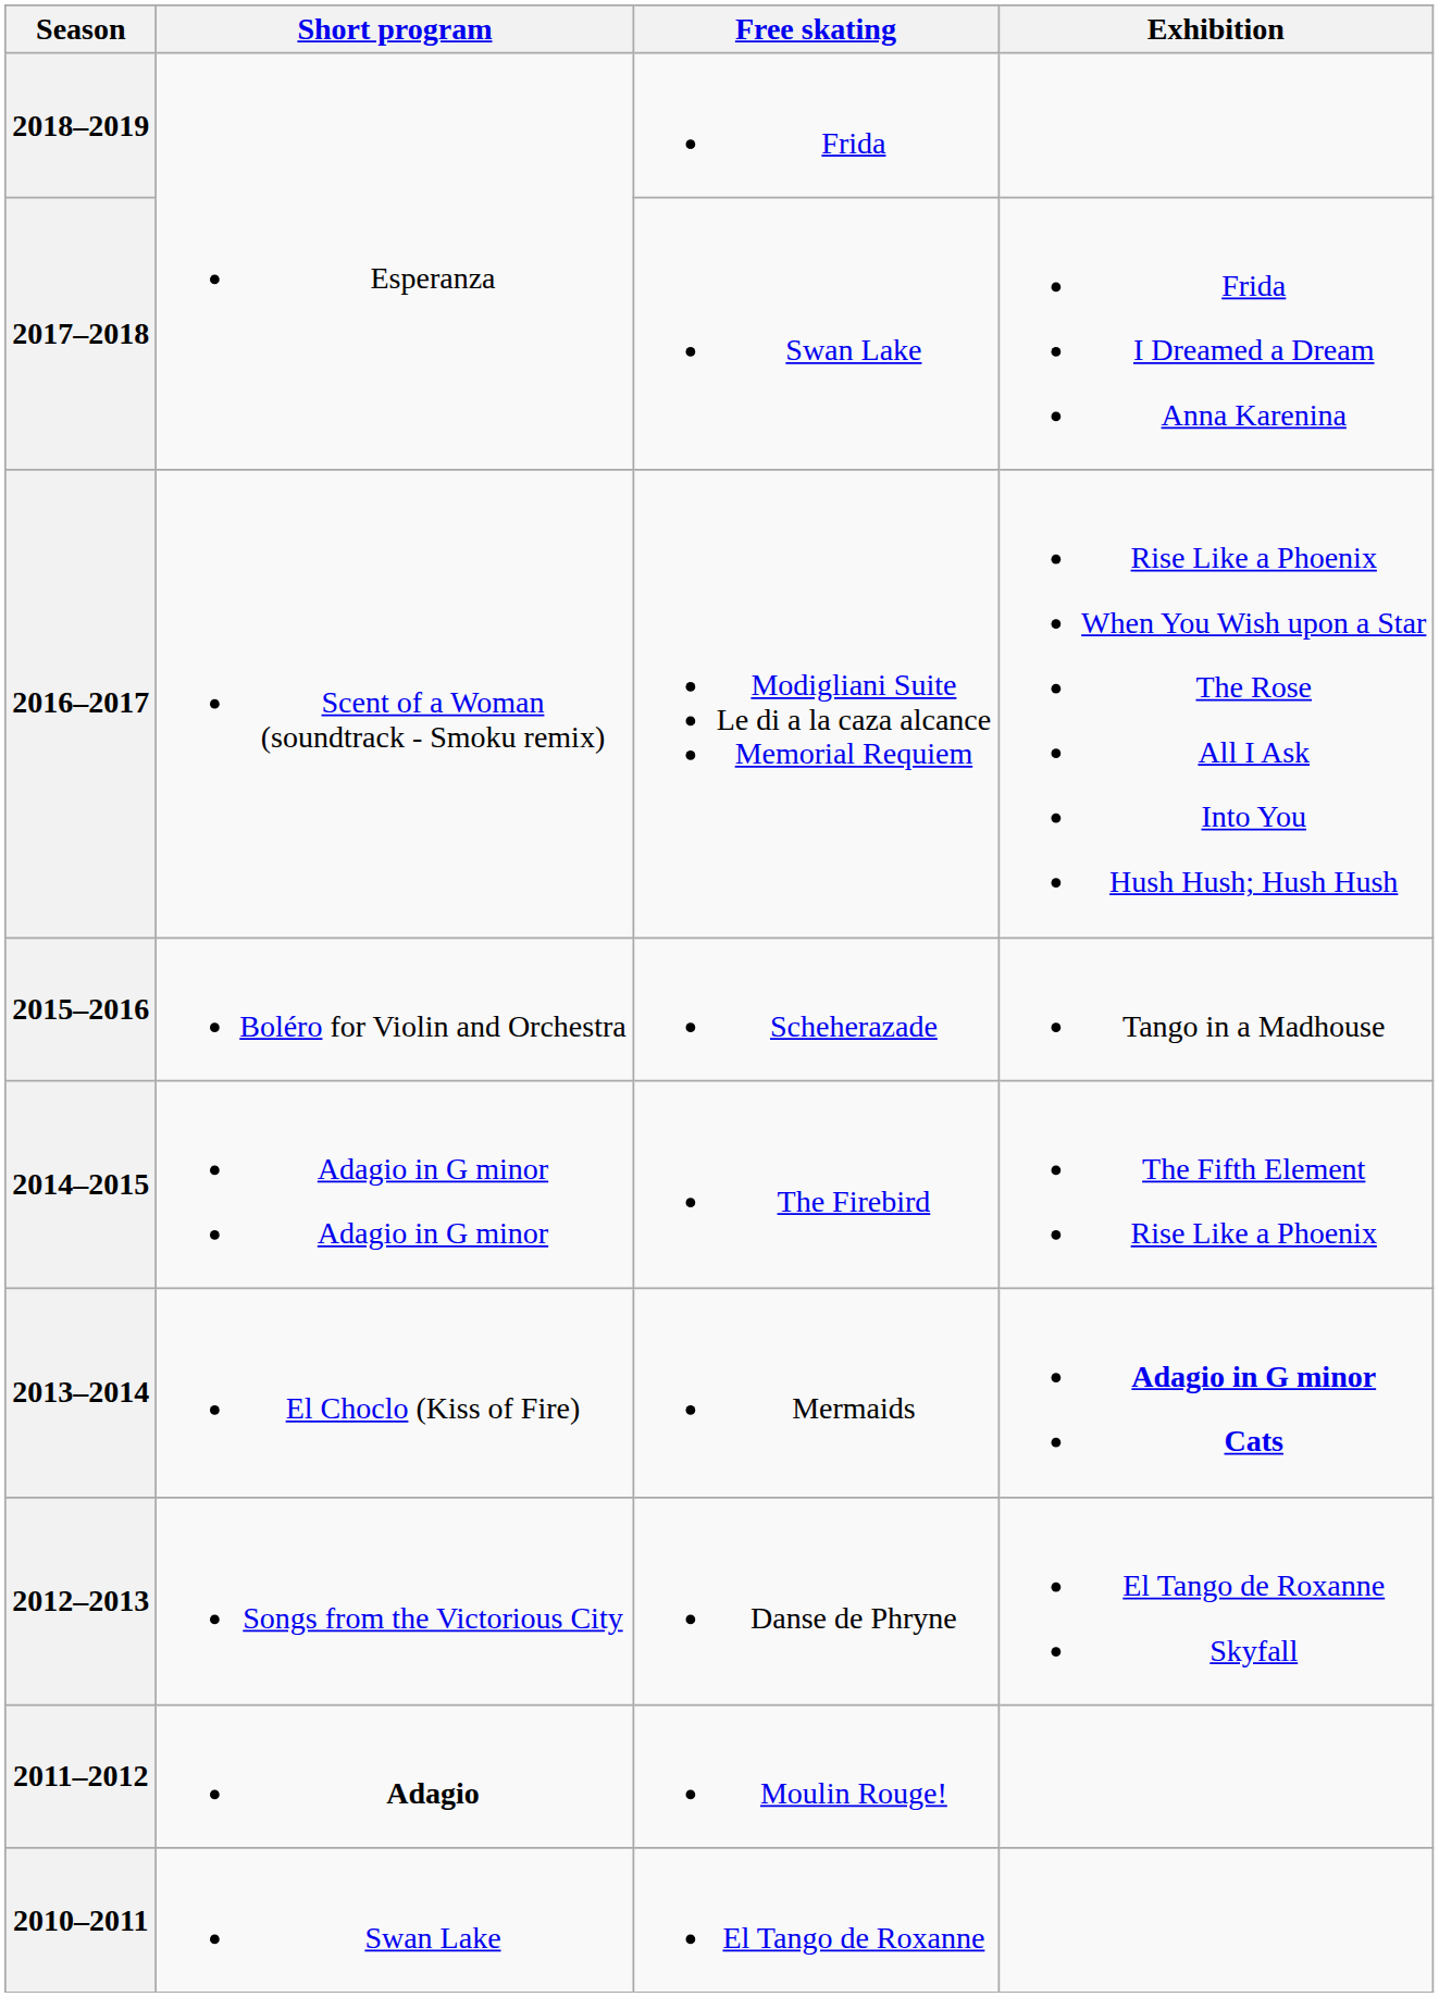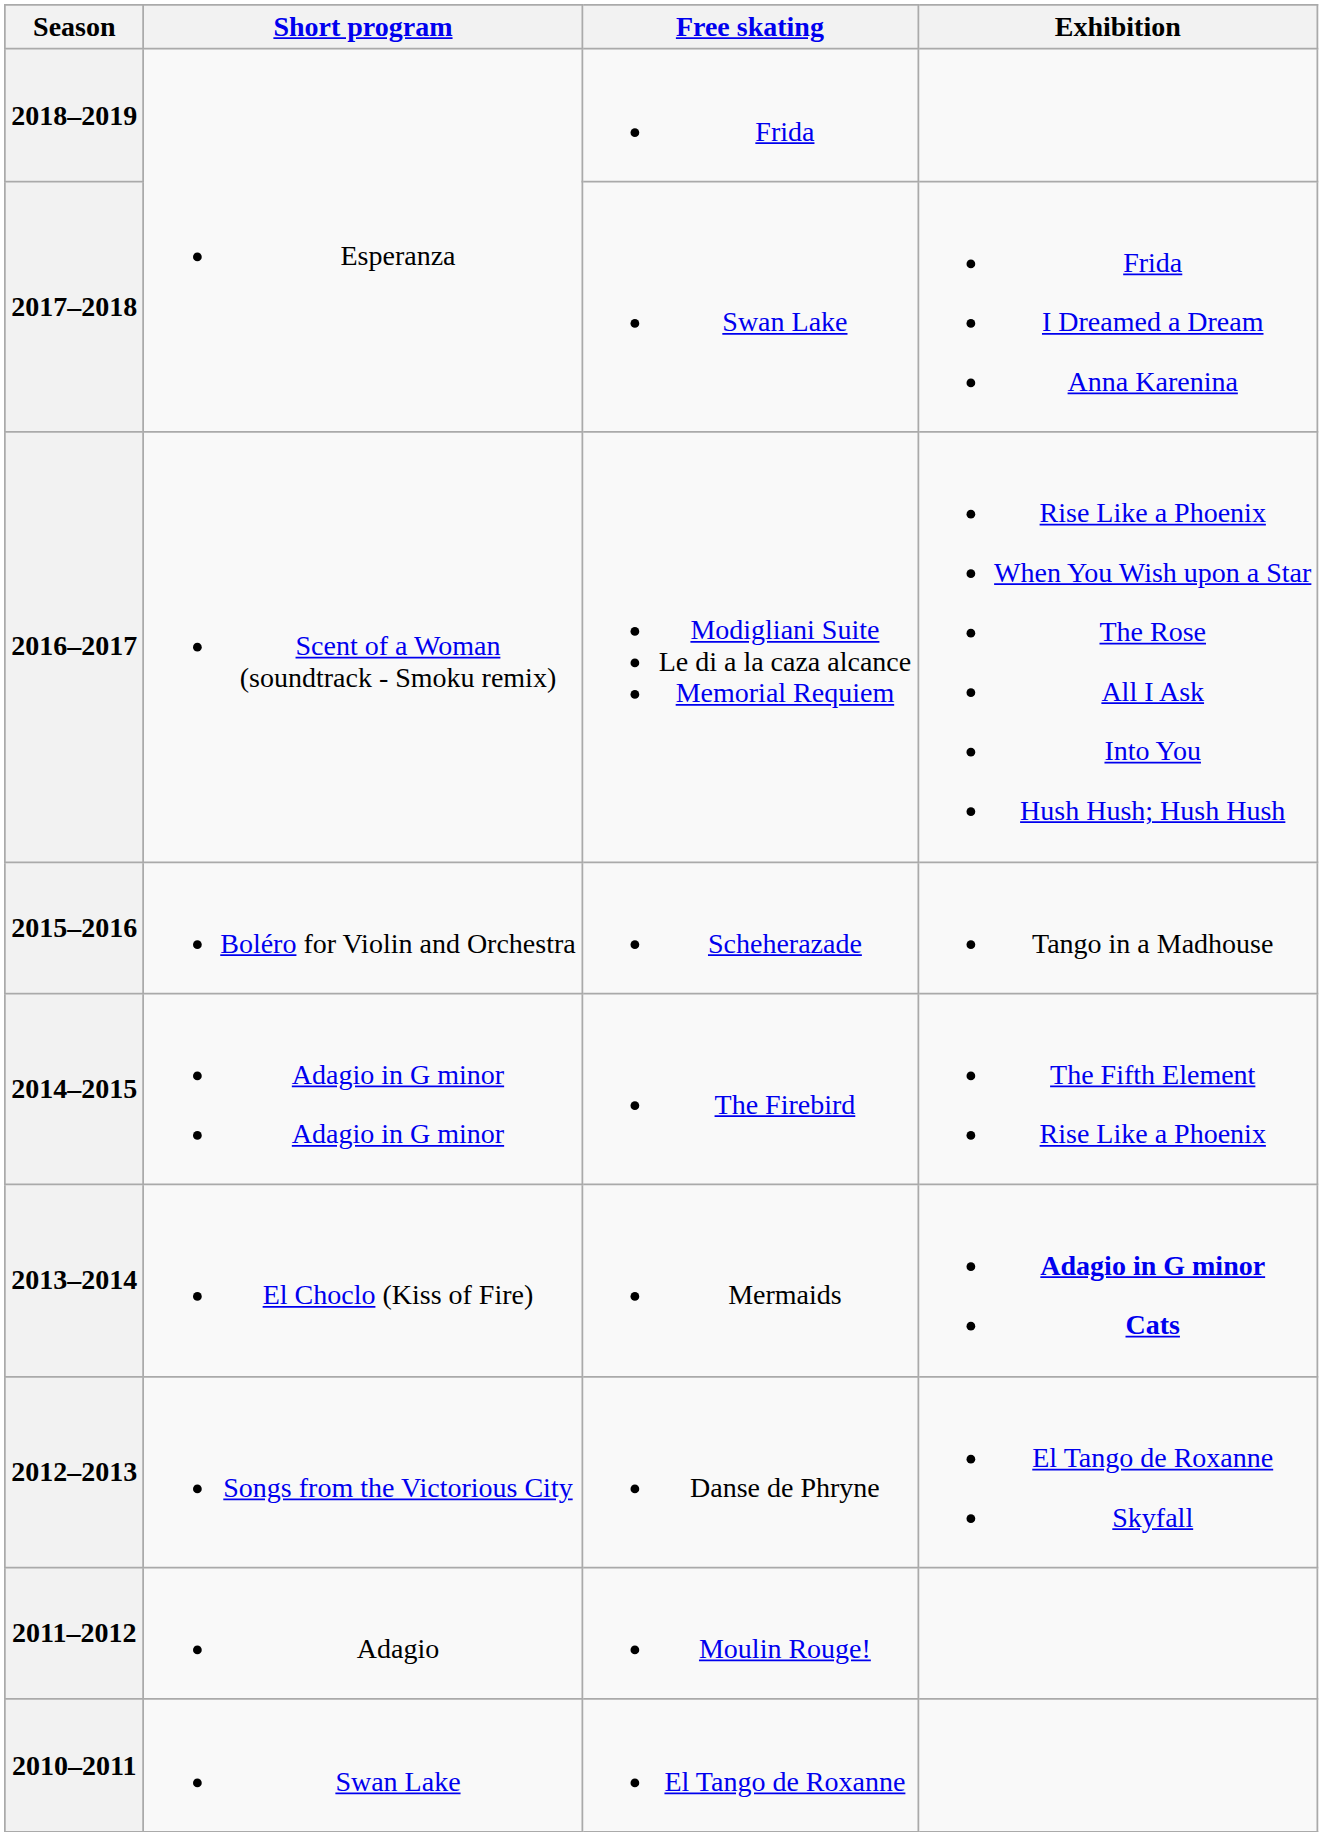 <table class=wikitable style=text-align:center>
 <tr>
 <th>Season</th>
 <th><a href='#'>Short program</a></th>
 <th><a href='#'>Free skating</a></th>
 <th>Exhibition</th>
 </tr>
 <tr>
 <th>2018–2019 <br></th>
 <td rowspan=2><br><ul><li>Esperanza <br></li></ul></td>
 <td><br><ul><li><a href='#'>Frida</a> <br></li></ul></td>
 <td></td>
 </tr>
 <tr>
 <th>2017–2018 <br></th>
 <td><br><ul><li><a href='#'>Swan Lake</a> <br></li></ul></td>
 <td><br><ul><li><a href='#'>Frida</a> <br></li></ul><ul><li><a href='#'>I Dreamed a Dream</a> <br></li></ul><ul><li><a href='#'>Anna Karenina</a> <br></li></ul></td>
 </tr>
 <tr>
 <th>2016–2017 <br> </th>
 <td><br><ul><li><a href='#'>Scent of a Woman</a> <br> (soundtrack - Smoku remix) <br></li></ul></td>
 <td><br><ul><li><a href='#'>Modigliani Suite</a> <br></li><li>Le di a la caza alcance <br></li><li><a href='#'>Memorial Requiem</a> <br></li></ul></td>
 <td><br><ul><li><a href='#'>Rise Like a Phoenix</a> <br></li></ul><ul><li><a href='#'>When You Wish upon a Star</a> <br></li></ul><ul><li><a href='#'>The Rose</a> <br></li></ul><ul><li><a href='#'>All I Ask</a> <br></li></ul><ul><li><a href='#'>Into You</a> <br></li></ul><ul><li><a href='#'>Hush Hush; Hush Hush</a> <br></li></ul></td>
 </tr>
 <tr>
 <th>2015–2016 <br> </th>
 <td><br><ul><li><a href='#'>Boléro</a> for Violin and Orchestra <br></li></ul></td>
 <td><br><ul><li><a href='#'>Scheherazade</a> <br></li></ul></td>
 <td><br><ul><li>Tango in a Madhouse <br></li></ul></td>
 </tr>
 <tr>
 <th>2014–2015 <br> </th>
 <td><br><ul><li><a href='#'>Adagio in G minor</a> <br></li></ul><ul><li><a href='#'>Adagio in G minor</a> <br></li></ul></td>
 <td><br><ul><li><a href='#'>The Firebird</a> <br></li></ul></td>
 <td><br><ul><li><a href='#'>The Fifth Element</a> <br></li></ul><ul><li><a href='#'>Rise Like a Phoenix</a> <br></li></ul></td>
 </tr>
 <tr>
 <th>2013–2014 <br> </th>
 <td><br><ul><li><a href='#'>El Choclo</a> (Kiss of Fire) <br></li></ul></td>
 <td><br><ul><li>Mermaids <br></li></ul></td>
 <td><strong><br><ul><li><a href='#'>Adagio in G minor</a> <br></li></ul><ul><li><a href='#'>Cats</a> <br></li></ul></strong></td>
 </tr>
 <tr>
 <th>2012–2013 <br> </th>
 <td><br><ul><li><a href='#'>Songs from the Victorious City</a> <br></li></ul></td>
 <td><br><ul><li>Danse de Phryne <br></li></ul></td>
 <td><br><ul><li><a href='#'>El Tango de Roxanne</a> <br></li></ul><ul><li><a href='#'>Skyfall</a> <br></li></ul></td>
 </tr>
 <tr>
 <th>2011–2012</th>
-<td><strong><br><ul><li>Adagio <br></li></ul></strong></td>
+<td><br><ul><li>Adagio <br></li></ul></td>
 <td><br><ul><li><a href='#'>Moulin Rouge!</a> <br></li></ul></td>
 <td></td>
 </tr>
 <tr>
 <th>2010–2011</th>
 <td><br><ul><li><a href='#'>Swan Lake</a> <br></li></ul></td>
 <td><br><ul><li><a href='#'>El Tango de Roxanne</a> <br></li></ul></td>
 <td></td>
 </tr>
 </table>
